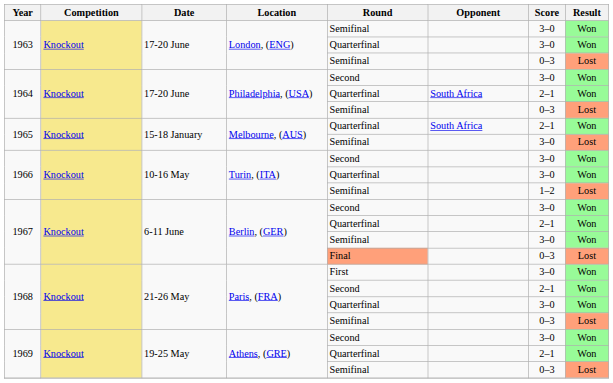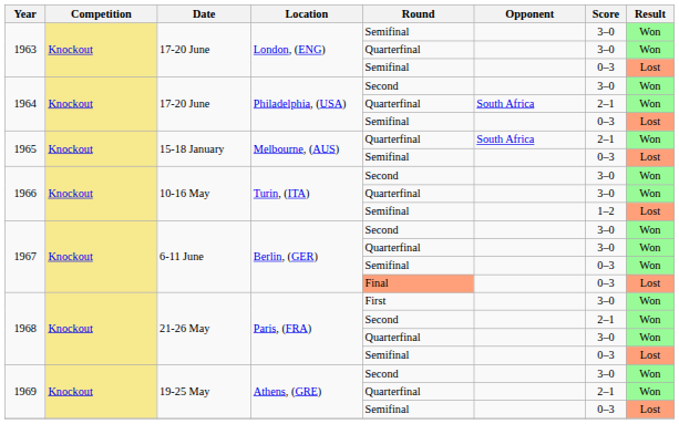 <table class="wikitable collapsible collapsed">
 <tr>
 <th style="width:50px">Year</th>
 <th style="width:150px">Competition</th>
 <th style="width:125px">Date</th>
 <th style="width:150px">Location</th>
 <th style="width:150px">Round</th>
 <th style="width:150px">Opponent</th>
 <th style="width:50px">Score</th>
 <th style="width:60px">Result</th>
 </tr>
 <tr>
 <td align="center" rowspan="3">1963</td>
 <td align="left" rowspan="3" bgcolor=#F7E98E><a href='#'>Knockout</a></td>
 <td align="left" rowspan="3">17-20 June</td>
 <td align="left" rowspan="3"><a href='#'>London</a>, (<a href='#'>ENG</a>)</td>
 <td>Semifinal</td>
 <td></td>
 <td align="center">3–0</td>
 <td align="center" bgcolor="#98FB98">Won</td>
 </tr>
 <tr>
 <td>Quarterfinal</td>
 <td></td>
 <td align="center">3–0</td>
 <td align="center" bgcolor="#98FB98">Won</td>
 </tr>
 <tr>
 <td>Semifinal</td>
 <td></td>
 <td align="center">0–3</td>
 <td align="center" bgcolor="FFA07A">Lost</td>
 </tr>
 <tr>
 <td align="center" rowspan="3">1964</td>
 <td align="left" rowspan="3" bgcolor=#F7E98E><a href='#'>Knockout</a></td>
 <td align="left" rowspan="3">17-20 June</td>
 <td align="left" rowspan="3"><a href='#'>Philadelphia</a>, (<a href='#'>USA</a>)</td>
 <td>Second</td>
 <td></td>
 <td align="center">3–0</td>
 <td align="center" bgcolor="#98FB98">Won</td>
 </tr>
 <tr>
 <td>Quarterfinal</td>
 <td> <a href='#'>South Africa</a></td>
 <td align="center">2–1</td>
 <td align="center" bgcolor="#98FB98">Won</td>
 </tr>
 <tr>
 <td>Semifinal</td>
 <td></td>
 <td align="center">0–3</td>
 <td align="center" bgcolor="FFA07A">Lost</td>
 </tr>
 <tr>
 <td align="center" rowspan="2">1965</td>
 <td align="left" rowspan="2" bgcolor=#F7E98E><a href='#'>Knockout</a></td>
 <td align="left" rowspan="2">15-18 January</td>
 <td align="left" rowspan="2"><a href='#'>Melbourne</a>, (<a href='#'>AUS</a>)</td>
 <td>Quarterfinal</td>
 <td> <a href='#'>South Africa</a></td>
 <td align="center">2–1</td>
 <td align="center" bgcolor="#98FB98">Won</td>
 </tr>
 <tr>
 <td>Semifinal</td>
 <td></td>
-<td align="center">3–0</td>
+<td align="center">0–3</td>
 <td align="center" bgcolor="FFA07A">Lost</td>
 </tr>
 <tr>
 <td align="center" rowspan="3">1966</td>
 <td align="left" rowspan="3" bgcolor=#F7E98E><a href='#'>Knockout</a></td>
 <td align="left" rowspan="3">10-16 May</td>
 <td align="left" rowspan="3"><a href='#'>Turin</a>, (<a href='#'>ITA</a>)</td>
 <td>Second</td>
 <td></td>
 <td align="center">3–0</td>
 <td align="center" bgcolor="#98FB98">Won</td>
 </tr>
 <tr>
 <td>Quarterfinal</td>
 <td></td>
 <td align="center">3–0</td>
 <td align="center" bgcolor="#98FB98">Won</td>
 </tr>
 <tr>
 <td>Semifinal</td>
 <td></td>
 <td align="center">1–2</td>
 <td align="center" bgcolor="FFA07A">Lost</td>
 </tr>
 <tr>
 <td align="center" rowspan="4">1967</td>
 <td align="left" rowspan="4" bgcolor=#F7E98E><a href='#'>Knockout</a></td>
 <td align="left" rowspan="4">6-11 June</td>
 <td align="left" rowspan="4"><a href='#'>Berlin</a>, (<a href='#'>GER</a>)</td>
 <td>Second</td>
 <td></td>
 <td align="center">3–0</td>
 <td align="center" bgcolor="#98FB98">Won</td>
 </tr>
 <tr>
 <td>Quarterfinal</td>
 <td></td>
-<td align="center">2–1</td>
+<td align="center">3–0</td>
 <td align="center" bgcolor="#98FB98">Won</td>
 </tr>
 <tr>
 <td>Semifinal</td>
 <td></td>
-<td align="center">3–0</td>
+<td align="center">0–3</td>
 <td align="center" bgcolor="#98FB98">Won</td>
 </tr>
 <tr>
 <td bgcolor=#ffa07a>Final</td>
 <td></td>
 <td align="center">0–3</td>
 <td align="center" bgcolor="FFA07A">Lost</td>
 </tr>
 <tr>
 <td align="center" rowspan="4">1968</td>
 <td align="left" rowspan="4" bgcolor=#F7E98E><a href='#'>Knockout</a></td>
 <td align="left" rowspan="4">21-26 May</td>
 <td align="left" rowspan="4"><a href='#'>Paris</a>, (<a href='#'>FRA</a>)</td>
 <td>First</td>
 <td></td>
 <td align="center">3–0</td>
 <td align="center" bgcolor="#98FB98">Won</td>
 </tr>
 <tr>
 <td>Second</td>
 <td></td>
 <td align="center">2–1</td>
 <td align="center" bgcolor="#98FB98">Won</td>
 </tr>
 <tr>
 <td>Quarterfinal</td>
 <td></td>
 <td align="center">3–0</td>
 <td align="center" bgcolor="#98FB98">Won</td>
 </tr>
 <tr>
 <td>Semifinal</td>
 <td></td>
 <td align="center">0–3</td>
 <td align="center" bgcolor="FFA07A">Lost</td>
 </tr>
 <tr>
 <td align="center" rowspan="3">1969</td>
 <td align="left" rowspan="3" bgcolor=#F7E98E><a href='#'>Knockout</a></td>
 <td align="left" rowspan="3">19-25 May</td>
 <td align="left" rowspan="3"><a href='#'>Athens</a>, (<a href='#'>GRE</a>)</td>
 <td>Second</td>
 <td></td>
 <td align="center">3–0</td>
 <td align="center" bgcolor="#98FB98">Won</td>
 </tr>
 <tr>
 <td>Quarterfinal</td>
 <td></td>
 <td align="center">2–1</td>
 <td align="center" bgcolor="#98FB98">Won</td>
 </tr>
 <tr>
 <td>Semifinal</td>
 <td></td>
 <td align="center">0–3</td>
 <td align="center" bgcolor="FFA07A">Lost</td>
 </tr>
 <tr>
 </tr>
 </table>
